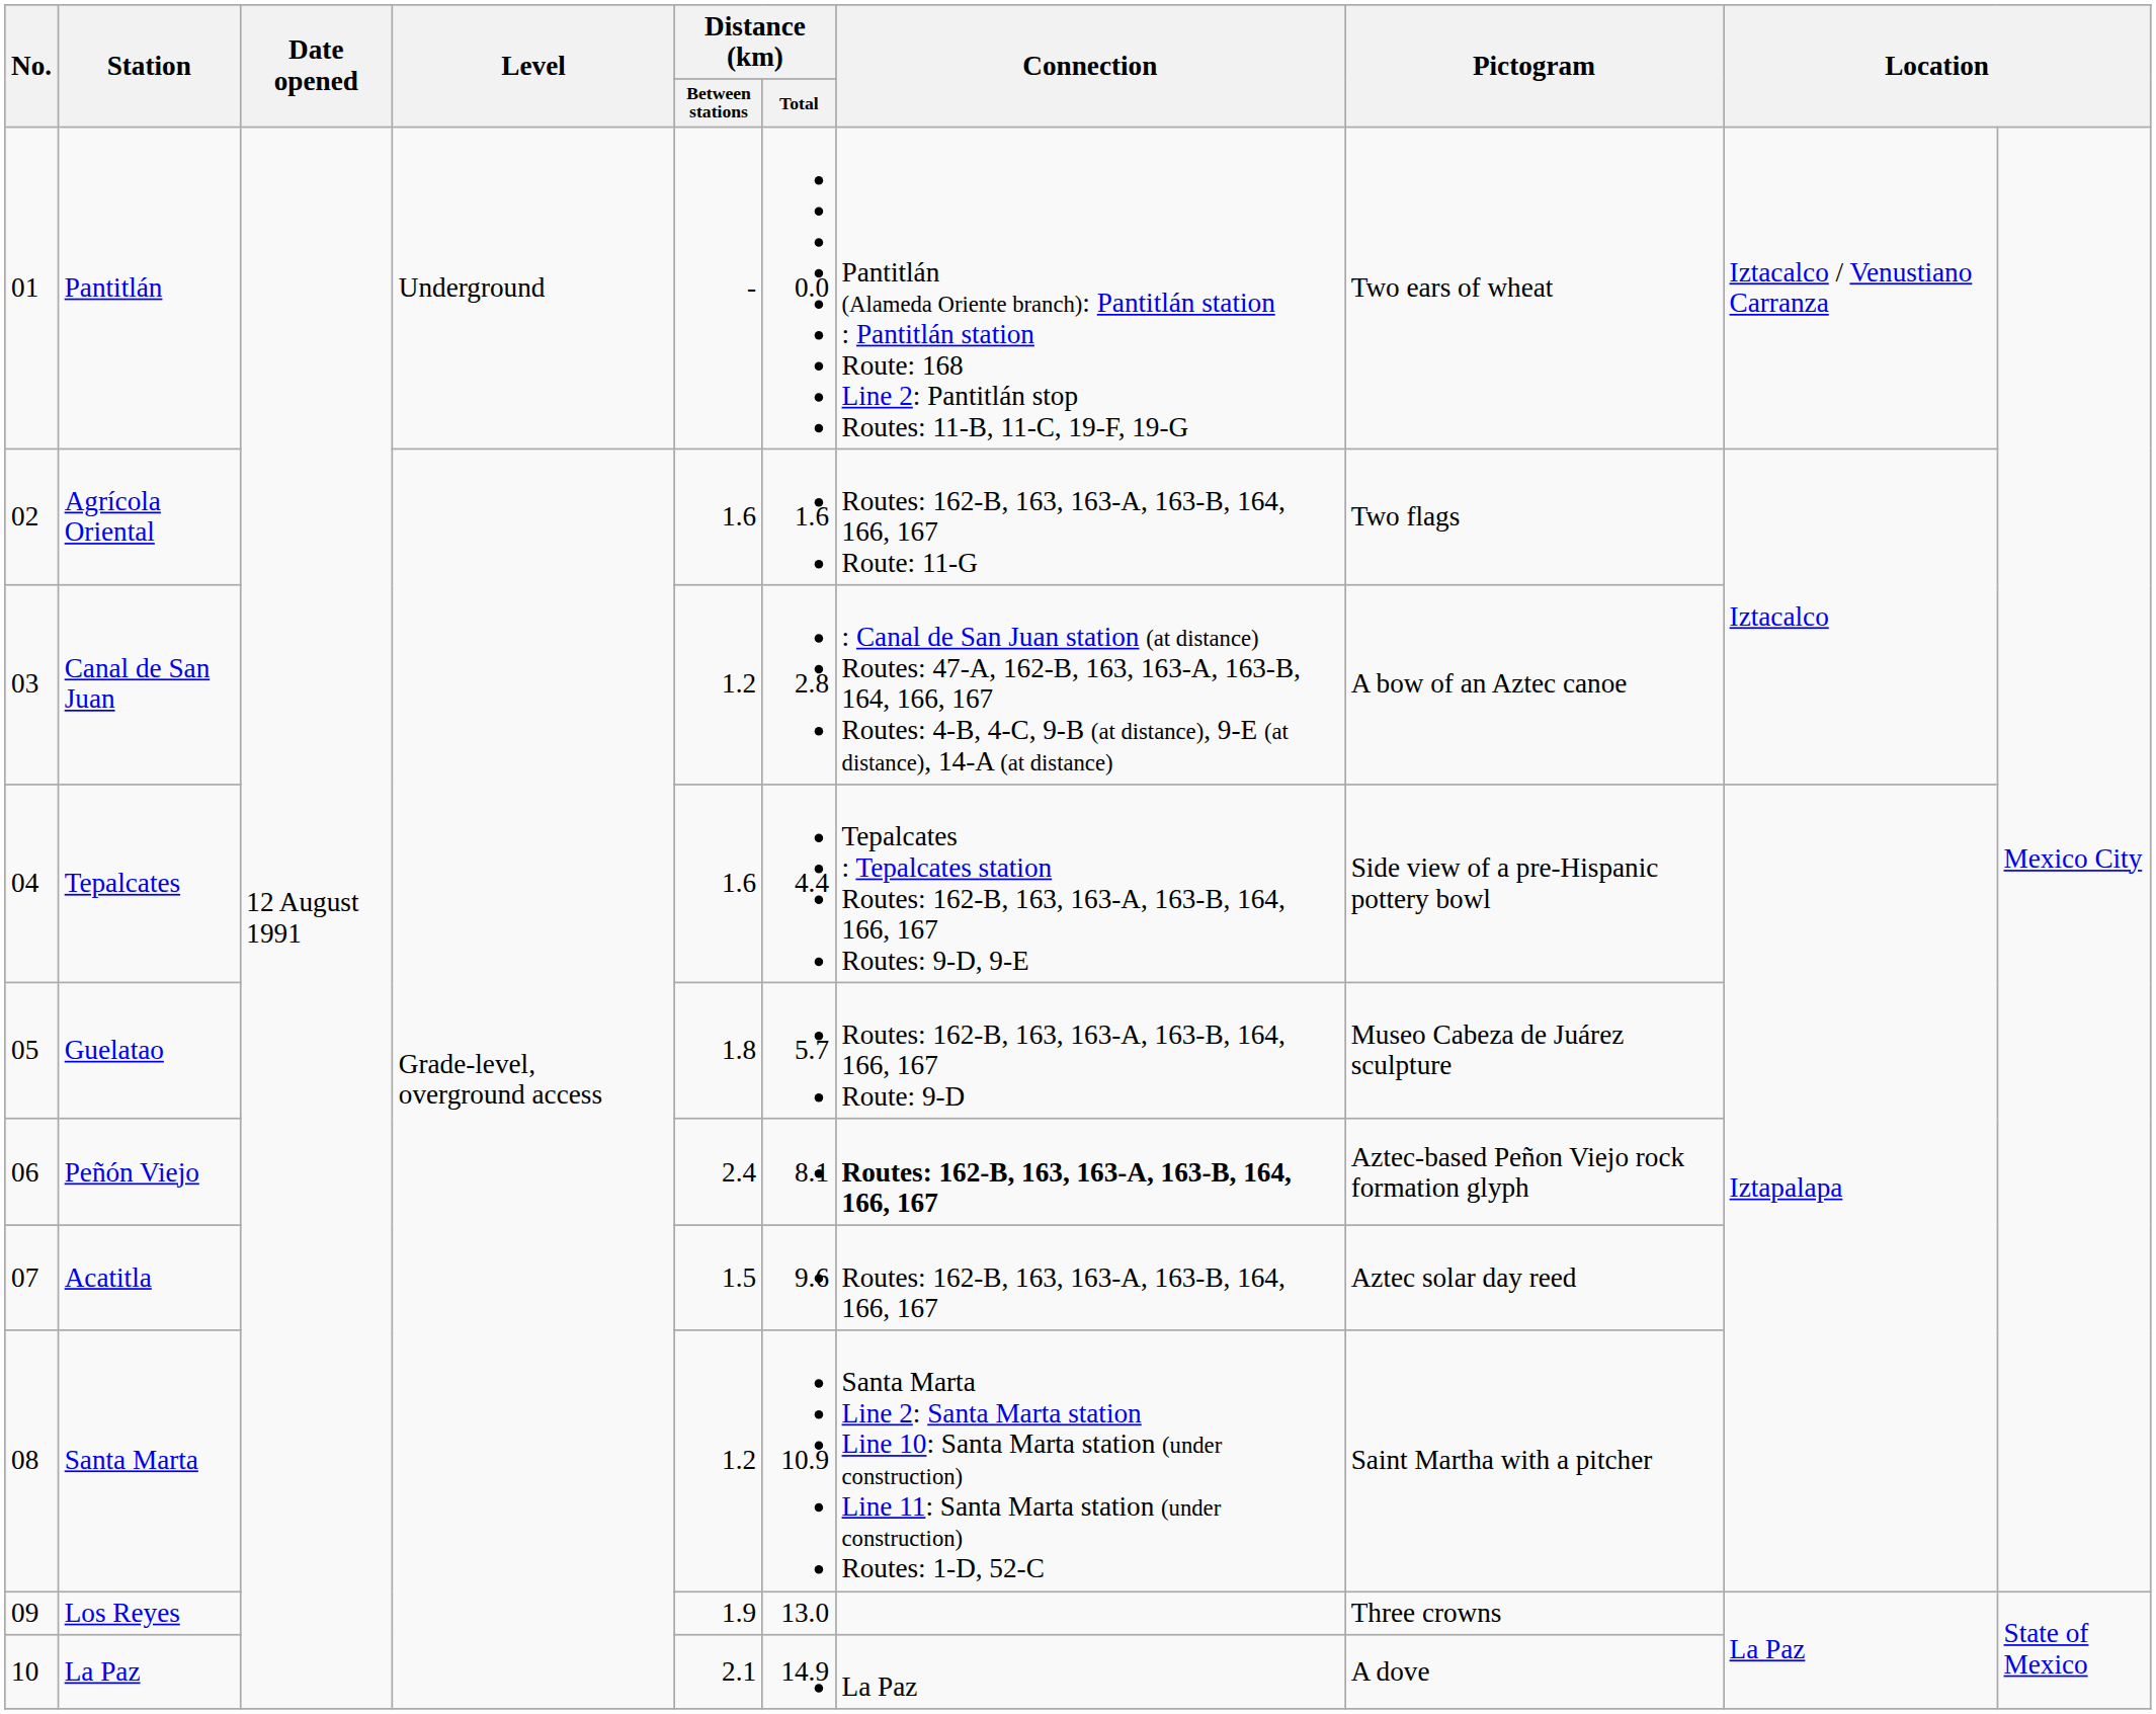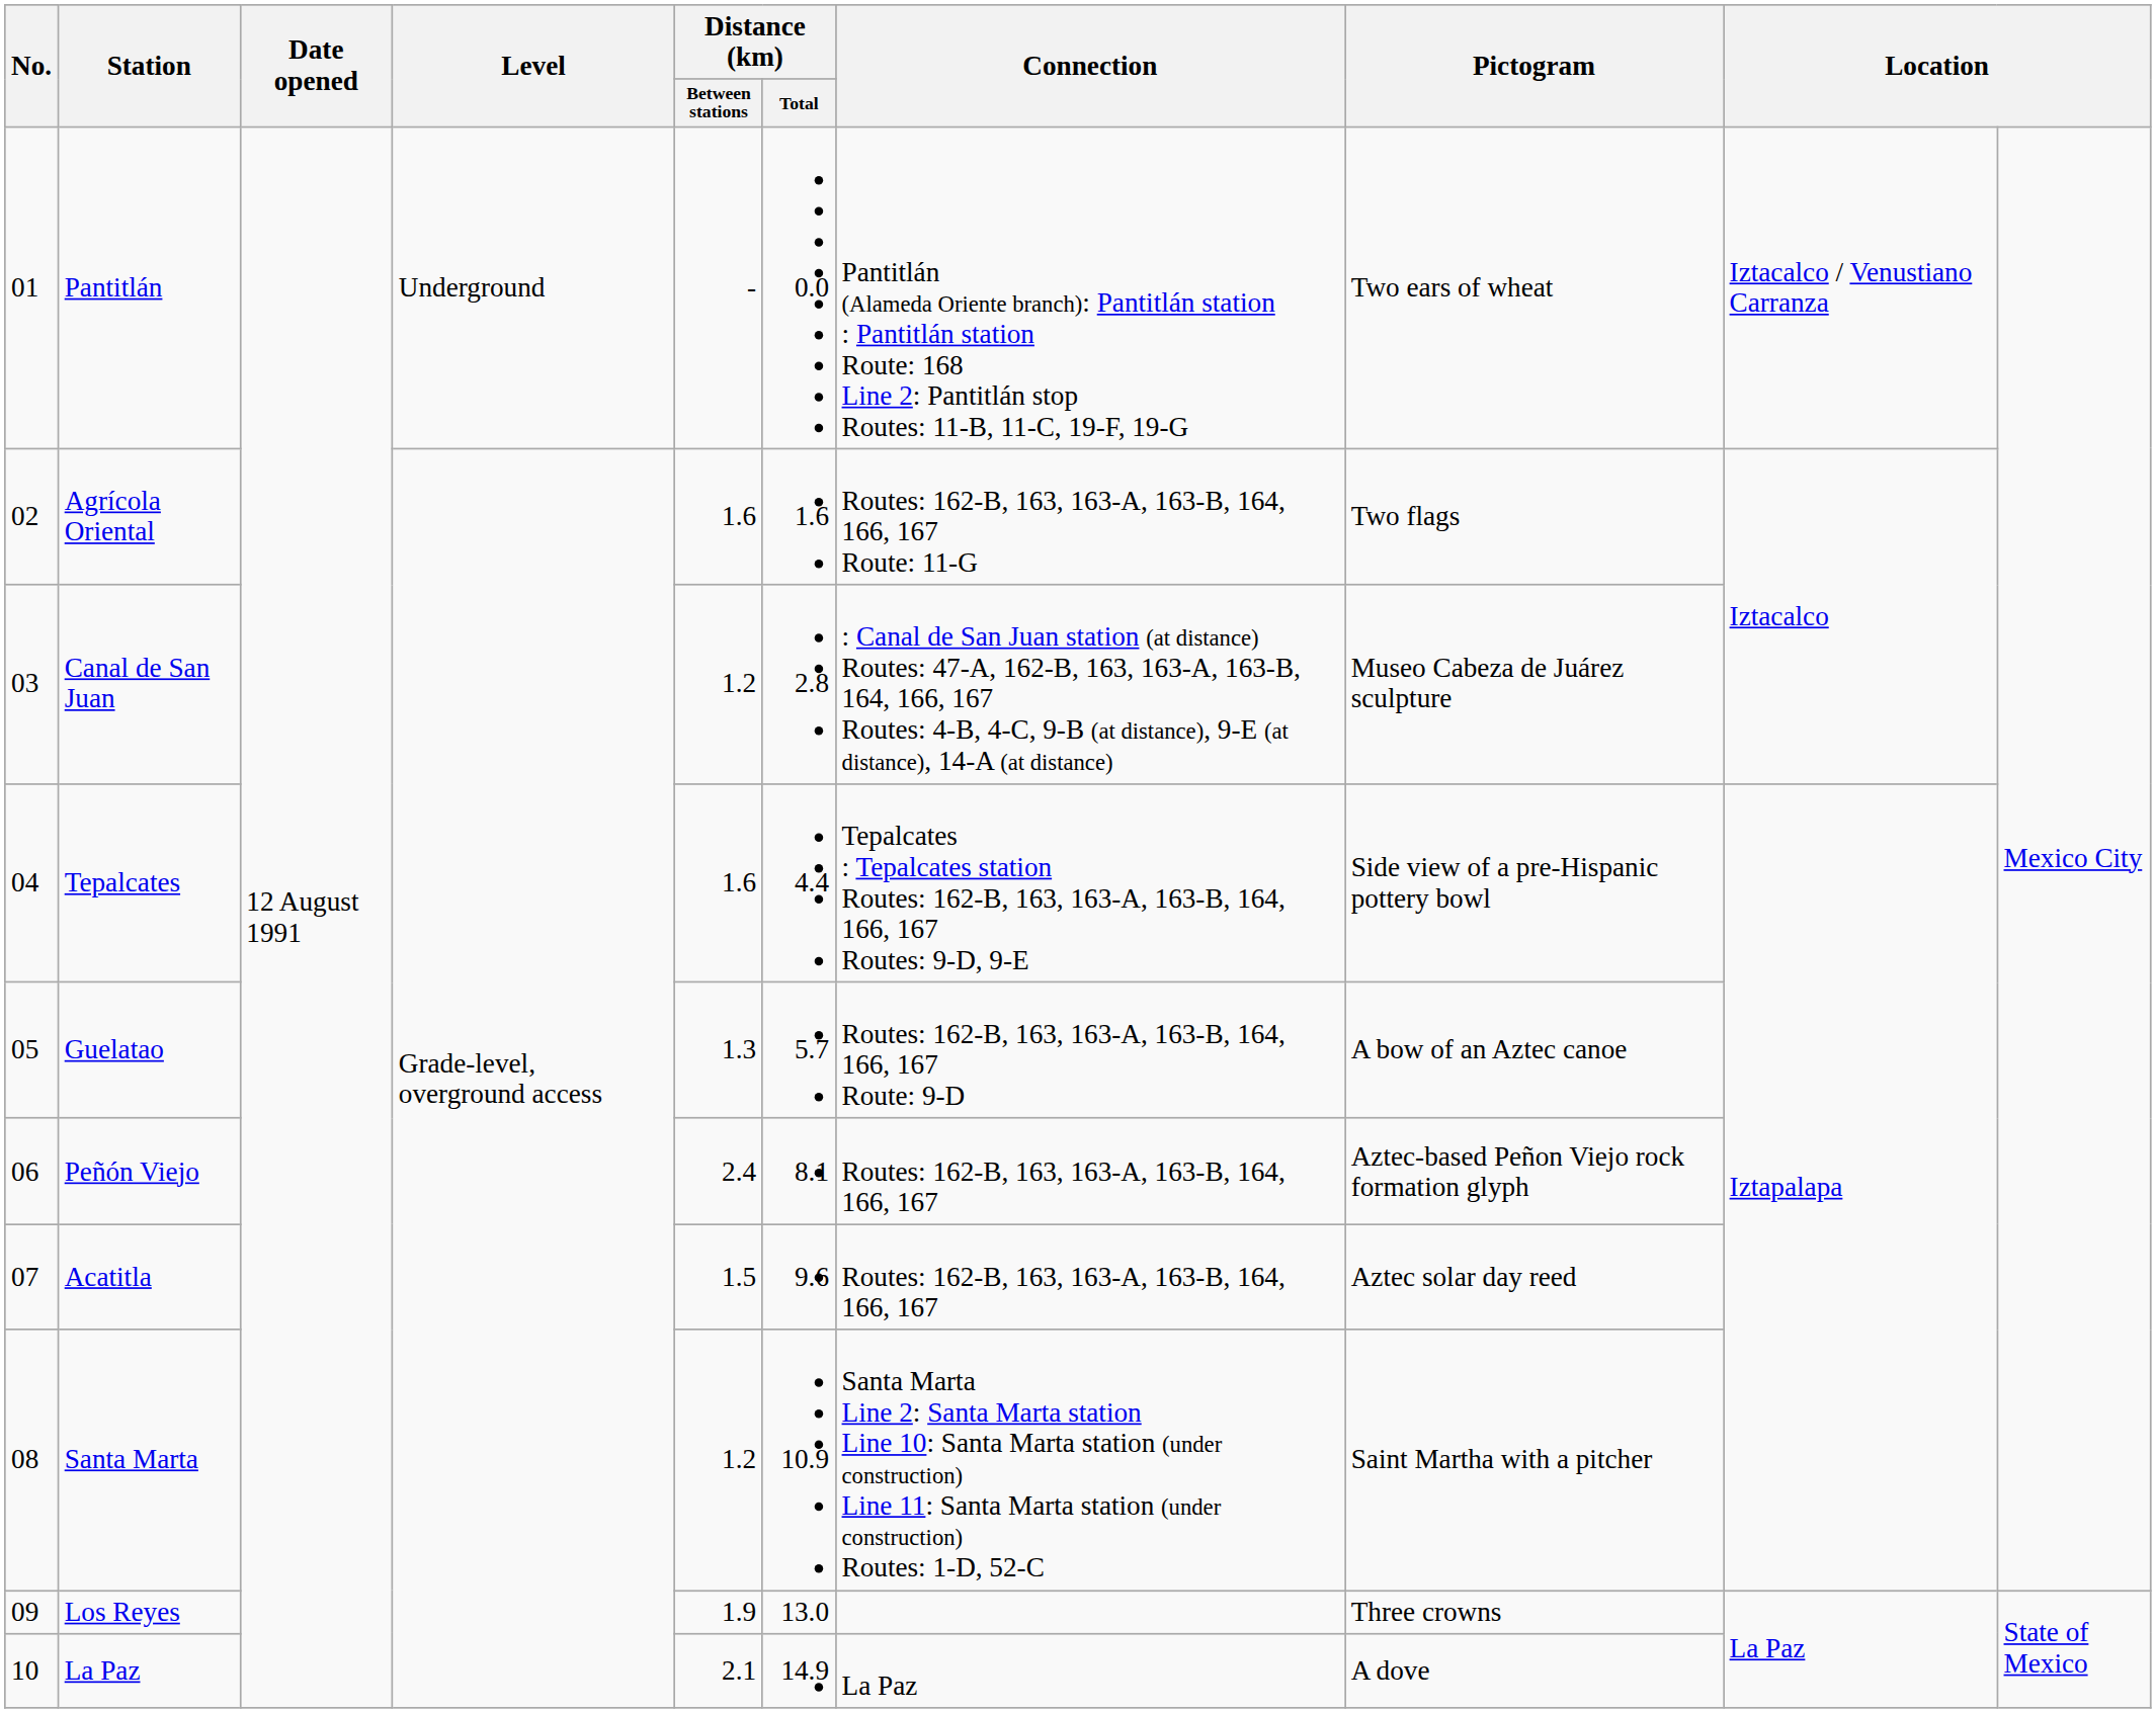 <table class="wikitable" rules="all">
 <tr>
 <th rowspan="2">No.</th>
 <th rowspan="2">Station</th>
 <th rowspan="2">Date opened</th>
 <th rowspan="2">Level</th>
 <th colspan="2">Distance (km)</th>
 <th rowspan="2">Connection</th>
 <th rowspan="2">Pictogram</th>
 <th colspan="2" rowspan="2">Location</th>
 </tr>
 <tr>
 <th style="font-size: 65%;">Between<br>stations</th>
 <th style="font-size: 65%;">Total</th>
 </tr>
 <tr>
 <td style="background: #">01</td>
 <td><a href='#'>Pantitlán</a> </td>
 <td rowspan="10">12 August 1991</td>
 <td>Underground</td>
 <td style="text-align:right;">-</td>
 <td style="text-align:right;">0.0</td>
 <td><br><li> </li> <li> </li> <li> </li> <li> Pantitlán</li> <li>  <small>(Alameda Oriente branch)</small>: <a href='#'>Pantitlán station</a></li> <li> : <a href='#'>Pantitlán station</a></li> <li> Route: 168</li> <li>  <a href='#'>Line 2</a>: Pantitlán stop</li> <li> Routes: 11-B, 11-C, 19-F, 19-G</li></td>
 <td>Two ears of wheat</td>
 <td><a href='#'>Iztacalco</a> / <a href='#'>Venustiano Carranza</a></td>
 <td rowspan="8"><a href='#'>Mexico City</a></td>
 </tr>
 <tr>
 <td style="background: #">02</td>
 <td><a href='#'>Agrícola Oriental</a></td>
 <td rowspan="9">Grade-level, overground access</td>
 <td style="text-align:right;">1.6</td>
 <td style="text-align:right;">1.6</td>
 <td><br><li> Routes: 162-B, 163, 163-A, 163-B, 164, 166, 167</li> <li> Route: 11-G</td>
 <td>Two flags</td>
 <td rowspan="2"><a href='#'>Iztacalco</a></td>
 </tr>
 <tr>
 <td style="background: #">03</td>
 <td><a href='#'>Canal de San Juan</a></td>
 <td style="text-align:right;">1.2</td>
 <td style="text-align:right;">2.8</td>
 <td><br><li> : <a href='#'>Canal de San Juan station</a> <small>(at distance)</small></li> <li> Routes: 47-A, 162-B, 163, 163-A, 163-B, 164, 166, 167</li> <li> Routes: 4-B, 4-C, 9-B <small>(at distance)</small>, 9-E <small>(at distance)</small>, 14-A <small>(at distance)</small></td>
-<td>A bow of an Aztec canoe</td>
+<td>Museo Cabeza de Juárez sculpture</td>
 </tr>
 <tr>
 <td style="background: #">04</td>
 <td><a href='#'>Tepalcates</a> </td>
 <td style="text-align:right;">1.6</td>
 <td style="text-align:right;">4.4</td>
 <td><br><li> Tepalcates</li> <li> : <a href='#'>Tepalcates station</a></li> <li> Routes: 162-B, 163, 163-A, 163-B, 164, 166, 167</li> <li> Routes: 9-D, 9-E</td>
 <td>Side view of a pre-Hispanic pottery bowl</td>
 <td rowspan="5"><a href='#'>Iztapalapa</a></td>
 </tr>
 <tr>
 <td style="background: #">05</td>
 <td><a href='#'>Guelatao</a></td>
-<td style="text-align:right;">1.8</td>
+<td style="text-align:right;">1.3</td>
 <td style="text-align:right;">5.7</td>
 <td><br><li> Routes: 162-B, 163, 163-A, 163-B, 164, 166, 167</li> <li> Route: 9-D</td>
-<td>Museo Cabeza de Juárez sculpture</td>
+<td>A bow of an Aztec canoe</td>
 </tr>
 <tr>
 <td style="background: #">06</td>
 <td><a href='#'>Peñón Viejo</a></td>
 <td style="text-align:right;">2.4</td>
 <td style="text-align:right;">8.1</td>
-<td><strong><br><li> Routes: 162-B, 163, 163-A, 163-B, 164, 166, 167</strong></td>
+<td><br><li> Routes: 162-B, 163, 163-A, 163-B, 164, 166, 167</td>
 <td>Aztec-based Peñon Viejo rock formation glyph</td>
 </tr>
 <tr>
 <td style="background: #">07</td>
 <td><a href='#'>Acatitla</a></td>
 <td style="text-align:right;">1.5</td>
 <td style="text-align:right;">9.6</td>
 <td><br><li> Routes: 162-B, 163, 163-A, 163-B, 164, 166, 167</td>
 <td>Aztec solar day reed</td>
 </tr>
 <tr>
 <td style="background: #">08</td>
 <td><a href='#'>Santa Marta</a> </td>
 <td style="text-align:right;">1.2</td>
 <td style="text-align:right;">10.9</td>
 <td><br><li> Santa Marta</li> <li>  <a href='#'>Line 2</a>: <a href='#'>Santa Marta station</a></li> <li>  <a href='#'>Line 10</a>: Santa Marta station <small>(under construction)</small></li> <li>  <a href='#'>Line 11</a>: Santa Marta station <small>(under construction)</small></li> <li> Routes: 1-D, 52-C</td>
 <td>Saint Martha with a pitcher</td>
 </tr>
 <tr>
 <td style="background: #">09</td>
 <td><a href='#'>Los Reyes</a></td>
 <td style="text-align:right;">1.9</td>
 <td style="text-align:right;">13.0</td>
 <td></td>
 <td>Three crowns</td>
 <td rowspan="2"><a href='#'>La Paz</a></td>
 <td rowspan=2><a href='#'>State of Mexico</a></td>
 </tr>
 <tr>
 <td style="background: #">10</td>
 <td><a href='#'>La Paz</a> </td>
 <td style="text-align:right;">2.1</td>
 <td style="text-align:right;">14.9</td>
 <td><br><li> La Paz</td>
 <td>A dove</td>
 </tr>
 </table>
